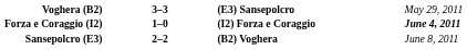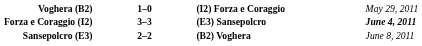 <table width="100%" cellspacing="1">
 <tr>
 <th width="20%"></th>
 <th width="12%"></th>
 <th width="20%"></th>
 <th width="20%'"></th>
 <th></th>
 </tr>
 <tr style="font-size:90%;">
 <td align="right"><strong>Voghera (B2)</strong></td>
-<td align="center"><strong>3–3</strong></td>
-<td align="left"><strong>(E3) Sansepolcro</strong></td>
+<td align="center"><strong>1–0</strong></td>
+<td align="left"><strong>(I2) Forza e Coraggio</strong></td>
 <td align="left"><em>May 29, 2011</em></td>
 </tr>
 <tr style="font-size:90%;">
 <td align="right"><strong>Forza e Coraggio (I2)</strong></td>
-<td align="center"><strong>1–0</strong></td>
-<td align="left"><strong>(I2) Forza e Coraggio</strong></td>
+<td align="center"><strong>3–3</strong></td>
+<td align="left"><strong>(E3) Sansepolcro</strong></td>
 <td align="left"><strong><em>June 4, 2011</em></strong></td>
 </tr>
 <tr style="font-size:90%;">
 <td align="right"><strong>Sansepolcro (E3)</strong></td>
 <td align="center"><strong>2–2</strong></td>
 <td align="left"><strong>(B2) Voghera</strong></td>
 <td align="left"><em>June 8, 2011</em></td>
 </tr>
 </table>
